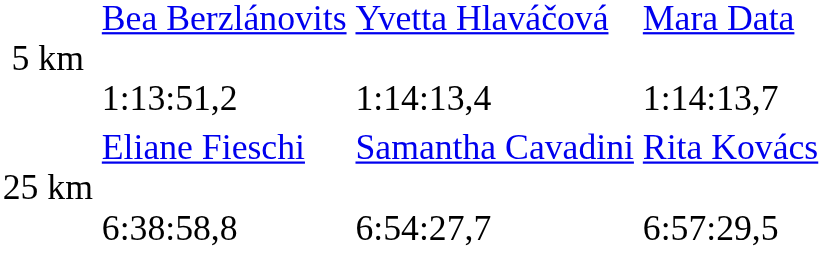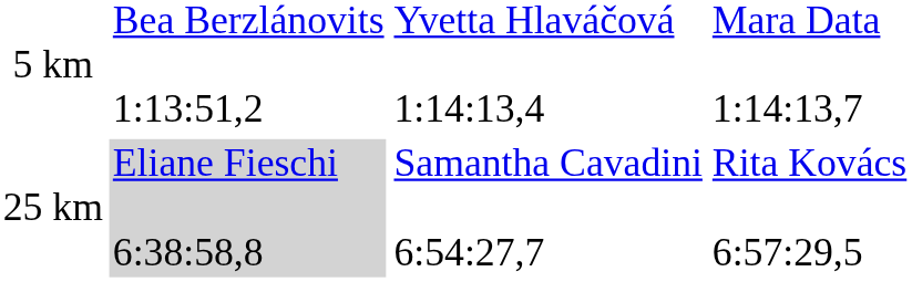 <table>
 <tr>
 <td align=center>5 km</td>
 <td><a href='#'>Bea Berzlánovits</a> <br><br> 1:13:51,2</td>
 <td><a href='#'>Yvetta Hlaváčová</a> <br><br> 1:14:13,4</td>
 <td><a href='#'>Mara Data</a> <br><br> 1:14:13,7</td>
 </tr>
 <tr>
 <td align=center>25 km</td>
-<td><a href='#'>Eliane Fieschi</a> <br><br> 6:38:58,8</td>
+<td style="background: lightgrey;"><a href='#'>Eliane Fieschi</a> <br><br> 6:38:58,8</td>
 <td><a href='#'>Samantha Cavadini</a> <br><br> 6:54:27,7</td>
 <td><a href='#'>Rita Kovács</a> <br><br> 6:57:29,5</td>
 </tr>
 </table>
